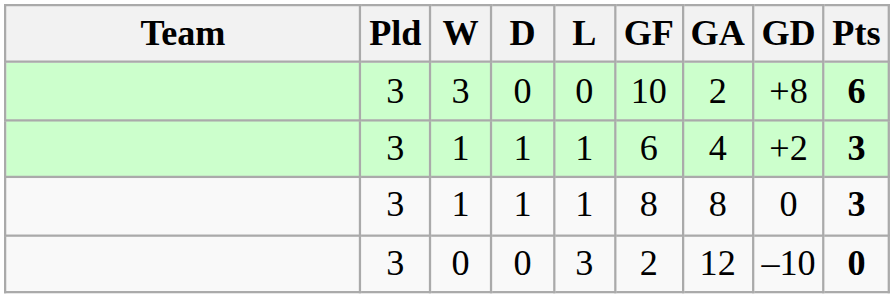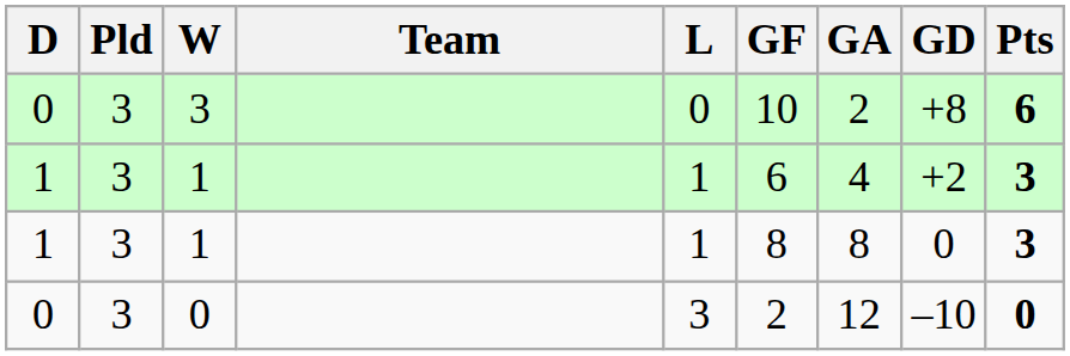 <table class="wikitable" style="text-align:center;">
 <tr>
-<th width=150>Team</th>
+<th width=20>D</th>
 <th width=20>Pld</th>
 <th width=20>W</th>
-<th width=20>D</th>
+<th width=150>Team</th>
 <th width=20>L</th>
 <th width=20>GF</th>
 <th width=20>GA</th>
 <th width=23>GD</th>
 <th width=20>Pts</th>
 </tr>
 <tr bgcolor="#ccffcc">
-<td align="left"></td>
+<td>0</td>
 <td>3</td>
 <td>3</td>
-<td>0</td>
+<td align="left"></td>
 <td>0</td>
 <td>10</td>
 <td>2</td>
 <td>+8</td>
 <td><strong>6</strong></td>
 </tr>
 <tr bgcolor="#ccffcc">
-<td align="left"></td>
+<td>1</td>
 <td>3</td>
 <td>1</td>
-<td>1</td>
+<td align="left"></td>
 <td>1</td>
 <td>6</td>
 <td>4</td>
 <td>+2</td>
 <td><strong>3</strong></td>
 </tr>
 <tr>
-<td align="left"></td>
+<td>1</td>
 <td>3</td>
 <td>1</td>
-<td>1</td>
+<td align="left"></td>
 <td>1</td>
 <td>8</td>
 <td>8</td>
 <td>0</td>
 <td><strong>3</strong></td>
 </tr>
 <tr>
-<td align="left"></td>
+<td>0</td>
 <td>3</td>
 <td>0</td>
-<td>0</td>
+<td align="left"></td>
 <td>3</td>
 <td>2</td>
 <td>12</td>
 <td>–10</td>
 <td><strong>0</strong></td>
 </tr>
 </table>
